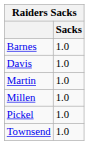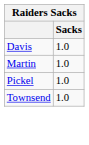 <table class="wikitable">
 <tr>
 <th colspan="2">Raiders Sacks</th>
 </tr>
 <tr>
 <th></th>
 <th>Sacks</th>
 </tr>
 <tr>
-<td><a href='#'>Barnes</a></td>
-<td>1.0</td>
-</tr>
-<tr>
 <td><a href='#'>Davis</a></td>
 <td>1.0</td>
 </tr>
 <tr>
 <td><a href='#'>Martin</a></td>
-<td>1.0</td>
-</tr>
-<tr>
-<td><a href='#'>Millen</a></td>
 <td>1.0</td>
 </tr>
 <tr>
 <td><a href='#'>Pickel</a></td>
 <td>1.0</td>
 </tr>
 <tr>
 <td><a href='#'>Townsend</a></td>
 <td>1.0</td>
 </tr>
 </table>
